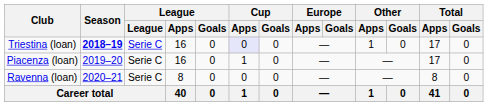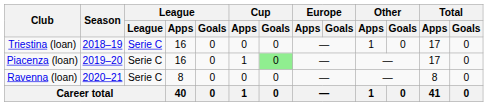 <table class="wikitable" style="text-align: center;">
 <tr>
 <th rowspan="2">Club</th>
 <th rowspan="2">Season</th>
 <th colspan="3">League</th>
 <th colspan="2">Cup</th>
 <th colspan="2">Europe</th>
 <th colspan="2">Other</th>
 <th colspan="2">Total</th>
 </tr>
 <tr>
 <th>League</th>
 <th>Apps</th>
 <th>Goals</th>
 <th>Apps</th>
 <th>Goals</th>
 <th>Apps</th>
 <th>Goals</th>
 <th>Apps</th>
 <th>Goals</th>
 <th>Apps</th>
 <th>Goals</th>
 </tr>
 <tr>
 <td><a href='#'>Triestina</a> (loan)</td>
-<td><strong><a href='#'>2018–19</a></strong></td>
+<td><a href='#'>2018–19</a></td>
 <td><a href='#'>Serie C</a></td>
 <td>16</td>
 <td>0</td>
-<td style="background: lavender;">0</td>
+<td>0</td>
 <td>0</td>
 <td colspan="2">—</td>
 <td 1>1</td>
 <td>0</td>
 <td>17</td>
 <td>0</td>
 </tr>
 <tr>
 <td><a href='#'>Piacenza</a> (loan)</td>
 <td><a href='#'>2019–20</a></td>
 <td>Serie C</td>
 <td>16</td>
 <td>0</td>
 <td>1</td>
-<td>0</td>
+<td style="background: lightgreen;">0</td>
 <td colspan="2">—</td>
 <td colspan="2">—</td>
 <td>17</td>
 <td>0</td>
 </tr>
 <tr>
 <td><a href='#'>Ravenna</a> (loan)</td>
 <td><a href='#'>2020–21</a></td>
 <td>Serie C</td>
 <td>8</td>
 <td>0</td>
 <td>0</td>
 <td>0</td>
 <td colspan="2">—</td>
 <td colspan="2">—</td>
 <td>8</td>
 <td>0</td>
 </tr>
 <tr>
 <th colspan="3">Career total</th>
 <th>40</th>
 <th>0</th>
 <th>1</th>
 <th>0</th>
 <th colspan="2">—</th>
 <th>1</th>
 <th>0</th>
 <th>41</th>
 <th>0</th>
 </tr>
 </table>
